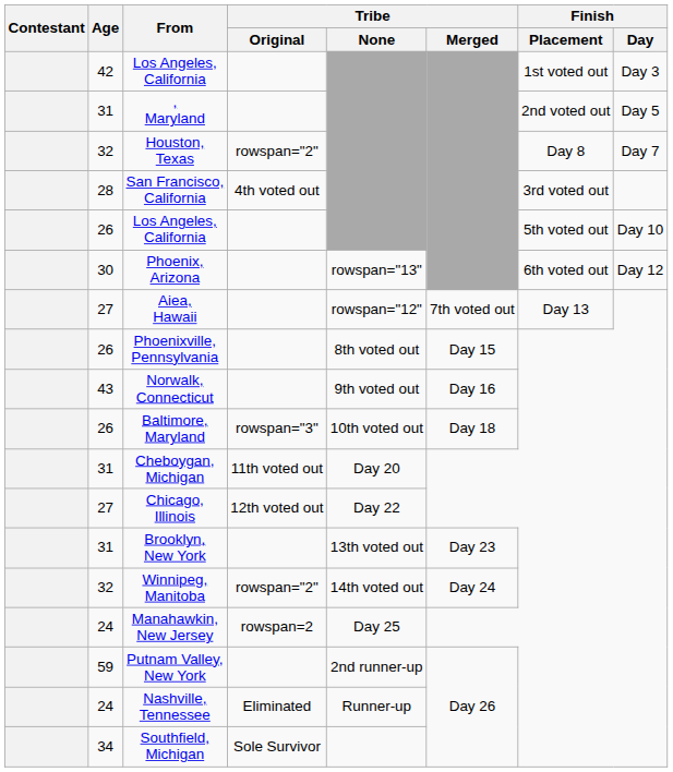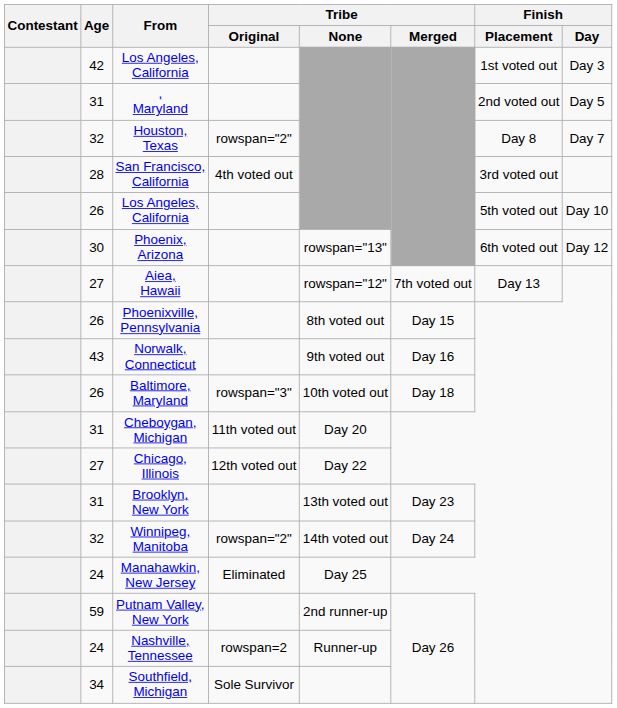 <table class="wikitable sortable" style="text-align:center;">
 <tr>
 <th rowspan="2" scope="col">Contestant</th>
 <th rowspan="2" scope="col">Age</th>
 <th rowspan="2" scope="col" class="unsortable">From</th>
 <th colspan="3" scope="colgroup">Tribe</th>
 <th colspan="2" scope="colgroup">Finish</th>
 </tr>
 <tr>
 <th scope="col">Original</th>
 <th scope="col" class="unsortable">None</th>
 <th scope="col" class="unsortable">Merged</th>
 <th scope="col" class="unsortable">Placement</th>
 <th scope="col" class="unsortable">Day</th>
 </tr>
 <tr>
 <th scope="row" style="text-align:left"></th>
 <td>42</td>
 <td><a href='#'>Los Angeles,<br>California</a></td>
 <td></td>
 <td rowspan="5" bgcolor="darkgray"></td>
 <td rowspan="6" bgcolor="darkgray"></td>
 <td>1st voted out</td>
 <td>Day 3</td>
 </tr>
 <tr>
 <th scope="row" style="text-align:left"></th>
 <td>31</td>
 <td><a href='#'>,<br>Maryland</a></td>
 <td></td>
 <td>2nd voted out</td>
 <td>Day 5</td>
 </tr>
 <tr>
 <th scope="row" style="text-align:left"></th>
 <td>32</td>
 <td><a href='#'>Houston,<br>Texas</a></td>
 <td>rowspan="2" </td>
 <td>Day 8</td>
 <td>Day 7</td>
 </tr>
 <tr>
 <th scope="row" style="text-align:left"></th>
 <td>28</td>
 <td><a href='#'>San Francisco,<br>California</a></td>
 <td>4th voted out</td>
 <td>3rd voted out</td>
 </tr>
 <tr>
 <th scope="row" style="text-align:left"></th>
 <td>26</td>
 <td><a href='#'>Los Angeles,<br>California</a></td>
 <td></td>
 <td>5th voted out</td>
 <td>Day 10</td>
 </tr>
 <tr>
 <th scope="row" style="text-align:left"></th>
 <td>30</td>
 <td><a href='#'>Phoenix,<br>Arizona</a></td>
 <td></td>
 <td>rowspan="13" </td>
 <td>6th voted out</td>
 <td>Day 12</td>
 </tr>
 <tr>
 <th scope="row" style="text-align:left"></th>
 <td>27</td>
 <td><a href='#'>Aiea,<br>Hawaii</a></td>
 <td></td>
 <td>rowspan="12" </td>
 <td>7th voted out</td>
 <td>Day 13</td>
 </tr>
 <tr>
 <th scope="row" style="text-align:left"></th>
 <td>26</td>
 <td><a href='#'>Phoenixville,<br>Pennsylvania</a></td>
 <td></td>
 <td>8th voted out<br></td>
 <td>Day 15</td>
 </tr>
 <tr>
 <th scope="row" style="text-align:left"></th>
 <td>43</td>
 <td><a href='#'>Norwalk,<br>Connecticut</a></td>
 <td></td>
 <td>9th voted out<br></td>
 <td>Day 16</td>
 </tr>
 <tr>
 <th scope="row" style="text-align:left"></th>
 <td>26</td>
 <td><a href='#'>Baltimore,<br>Maryland</a></td>
 <td>rowspan="3" </td>
 <td>10th voted out<br></td>
 <td>Day 18</td>
 </tr>
 <tr>
 <th scope="row" style="text-align:left"></th>
 <td>31</td>
 <td><a href='#'>Cheboygan,<br>Michigan</a></td>
 <td>11th voted out<br></td>
 <td>Day 20</td>
 </tr>
 <tr>
 <th scope="row" style="text-align:left"></th>
 <td>27</td>
 <td><a href='#'>Chicago,<br>Illinois</a></td>
 <td>12th voted out<br></td>
 <td>Day 22</td>
 </tr>
 <tr>
 <th scope="row" style="text-align:left"></th>
 <td>31</td>
 <td><a href='#'>Brooklyn,<br>New York</a></td>
 <td></td>
 <td>13th voted out<br></td>
 <td>Day 23</td>
 </tr>
 <tr>
 <th scope="row" style="text-align:left"></th>
 <td>32</td>
 <td><a href='#'>Winnipeg,<br>Manitoba</a></td>
 <td>rowspan="2" </td>
 <td>14th voted out<br></td>
 <td>Day 24</td>
 </tr>
 <tr>
 <th scope="row" style="text-align:left"></th>
 <td>24</td>
 <td><a href='#'>Manahawkin,<br> New Jersey</a></td>
-<td>rowspan=2 </td>
+<td>Eliminated<br></td>
 <td>Day 25</td>
 </tr>
 <tr>
 <th scope="row" style="text-align:left"></th>
 <td>59</td>
 <td><a href='#'>Putnam Valley,<br>New York</a></td>
 <td></td>
 <td>2nd runner-up</td>
 <td rowspan=3>Day 26</td>
 </tr>
 <tr>
 <th scope="row" style="text-align:left"></th>
 <td>24</td>
 <td><a href='#'>Nashville,<br>Tennessee</a></td>
-<td>Eliminated<br></td>
+<td>rowspan=2 </td>
 <td>Runner-up</td>
 </tr>
 <tr>
 <th scope="row" style="text-align:left"></th>
 <td>34</td>
 <td><a href='#'>Southfield,<br>Michigan</a></td>
 <td>Sole Survivor</td>
 </tr>
 </table>
